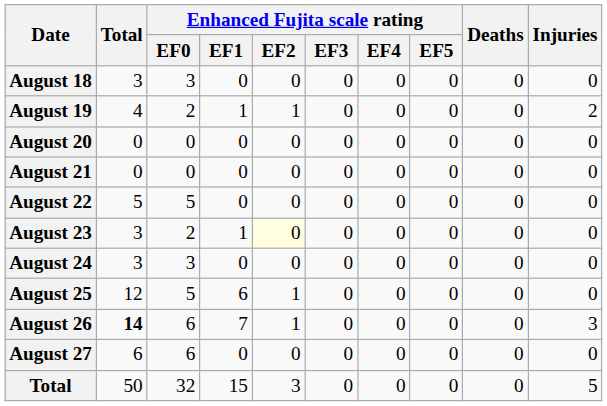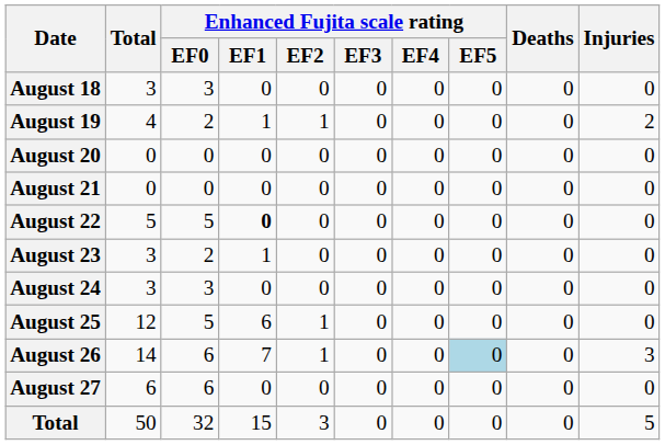 <table class="wikitable sortable" style="margin: 1em auto 1em auto;">
 <tr>
 <th scope="col" rowspan="2">Date</th>
 <th scope="col" rowspan="2" align="center">Total</th>
 <th scope="col" colspan="6" align="center"><a href='#'>Enhanced Fujita scale</a> rating</th>
 <th scope="col" rowspan="2" align="center">Deaths</th>
 <th scope="col" rowspan="2" align="center">Injuries</th>
 </tr>
 <tr>
 <th scope="col" align="center"> EF0 </th>
 <th scope="col" align="center"> EF1 </th>
 <th scope="col" align="center"> EF2 </th>
 <th scope="col" align="center"> EF3 </th>
 <th scope="col" align="center"> EF4 </th>
 <th scope="col" align="center"> EF5 </th>
 </tr>
 <tr>
 <th scope="row">August 18</th>
 <td align="right">3</td>
 <td align="right">3</td>
 <td align="right">0</td>
 <td align="right">0</td>
 <td align="right">0</td>
 <td align="right">0</td>
 <td align="right">0</td>
 <td align="right">0</td>
 <td align="right">0</td>
 </tr>
 <tr>
 <th scope="row">August 19</th>
 <td align="right">4</td>
 <td align="right">2</td>
 <td align="right">1</td>
 <td align="right">1</td>
 <td align="right">0</td>
 <td align="right">0</td>
 <td align="right">0</td>
 <td align="right">0</td>
 <td align="right">2</td>
 </tr>
 <tr>
 <th scope="row">August 20</th>
 <td align="right">0</td>
 <td align="right">0</td>
 <td align="right">0</td>
 <td align="right">0</td>
 <td align="right">0</td>
 <td align="right">0</td>
 <td align="right">0</td>
 <td align="right">0</td>
 <td align="right">0</td>
 </tr>
 <tr>
 <th scope="row">August 21</th>
 <td align="right">0</td>
 <td align="right">0</td>
 <td align="right">0</td>
 <td align="right">0</td>
 <td align="right">0</td>
 <td align="right">0</td>
 <td align="right">0</td>
 <td align="right">0</td>
 <td align="right">0</td>
 </tr>
 <tr>
 <th scope="row">August 22</th>
 <td align="right">5</td>
 <td align="right">5</td>
-<td align="right">0</td>
+<td align="right"><strong>0</strong></td>
 <td align="right">0</td>
 <td align="right">0</td>
 <td align="right">0</td>
 <td align="right">0</td>
 <td align="right">0</td>
 <td align="right">0</td>
 </tr>
 <tr>
 <th scope="row">August 23</th>
 <td align="right">3</td>
 <td align="right">2</td>
 <td align="right">1</td>
-<td align="right" style="background: lightyellow;">0</td>
+<td align="right">0</td>
 <td align="right">0</td>
 <td align="right">0</td>
 <td align="right">0</td>
 <td align="right">0</td>
 <td align="right">0</td>
 </tr>
 <tr>
 <th scope="row">August 24</th>
 <td align="right">3</td>
 <td align="right">3</td>
 <td align="right">0</td>
 <td align="right">0</td>
 <td align="right">0</td>
 <td align="right">0</td>
 <td align="right">0</td>
 <td align="right">0</td>
 <td align="right">0</td>
 </tr>
 <tr>
 <th scope="row">August 25</th>
 <td align="right">12</td>
 <td align="right">5</td>
 <td align="right">6</td>
 <td align="right">1</td>
 <td align="right">0</td>
 <td align="right">0</td>
 <td align="right">0</td>
 <td align="right">0</td>
 <td align="right">0</td>
 </tr>
 <tr>
 <th scope="row">August 26</th>
-<td align="right"><strong>14</strong></td>
+<td align="right">14</td>
 <td align="right">6</td>
 <td align="right">7</td>
 <td align="right">1</td>
 <td align="right">0</td>
 <td align="right">0</td>
-<td align="right">0</td>
+<td align="right" style="background: lightblue;">0</td>
 <td align="right">0</td>
 <td align="right">3</td>
 </tr>
 <tr>
 <th scope="row">August 27</th>
 <td align="right">6</td>
 <td align="right">6</td>
 <td align="right">0</td>
 <td align="right">0</td>
 <td align="right">0</td>
 <td align="right">0</td>
 <td align="right">0</td>
 <td align="right">0</td>
 <td align="right">0</td>
 </tr>
 <tr class="sortbottom">
 <th scope="row">Total</th>
 <td align="right">50</td>
 <td align="right">32</td>
 <td align="right">15</td>
 <td align="right">3</td>
 <td align="right">0</td>
 <td align="right">0</td>
 <td align="right">0</td>
 <td align="right">0</td>
 <td align="right">5</td>
 </tr>
 </table>
